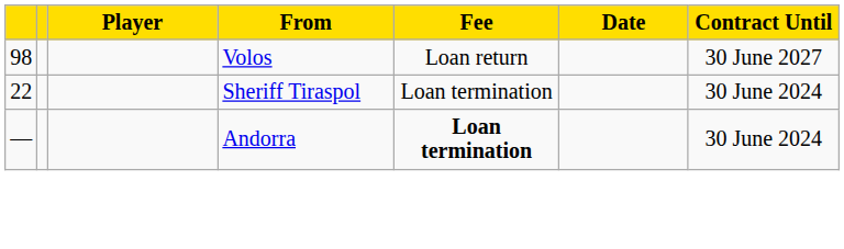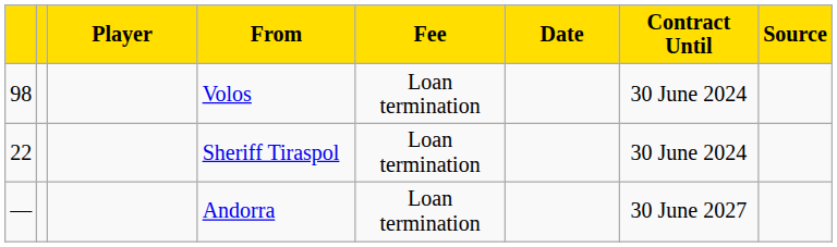 <table class="wikitable sortable">
 <tr>
 <th style="background:#FFDE00"></th>
 <th style="background:#FFDE00"></th>
 <th width=200 style="background:#FFDE00">Player</th>
 <th width=200 style="background:#FFDE00">From</th>
 <th width=150 style="background:#FFDE00">Fee</th>
 <th width=150 style="background:#FFDE00">Date</th>
 <th width=150 style="background:#FFDE00">Contract Until</th>
+<th style="background:#FFDE00">Source</th>
 </tr>
 <tr>
 <td align=center>98</td>
 <td align=center></td>
 <td></td>
 <td> <a href='#'>Volos</a></td>
-<td align=center>Loan return</td>
+<td align=center>Loan termination</td>
 <td align=center></td>
-<td align=center>30 June 2027</td>
+<td align=center>30 June 2024</td>
+<td align=center></td>
 </tr>
 <tr>
 <td align=center>22</td>
 <td align=center></td>
 <td></td>
 <td> <a href='#'>Sheriff Tiraspol</a></td>
 <td align=center>Loan termination</td>
 <td align=center></td>
 <td align=center>30 June 2024</td>
+<td align=center></td>
 </tr>
 <tr>
 <td align=center>—</td>
 <td align=center></td>
 <td></td>
 <td> <a href='#'>Andorra</a></td>
-<td align=center><strong>Loan termination</strong></td>
+<td align=center>Loan termination</td>
 <td align=center></td>
-<td align=center>30 June 2024</td>
+<td align=center>30 June 2027</td>
+<td align=center></td>
 </tr>
 </table>
